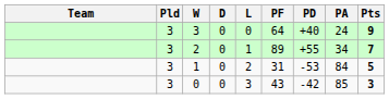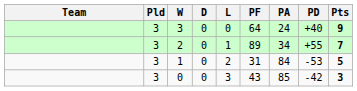 <table class="wikitable" style="text-align:center;">
 <tr>
 <th width=175>Team</th>
 <th width=25 abbr="Played">Pld</th>
 <th width=25 abbr="Won">W</th>
 <th width=25 abbr="Drawn">D</th>
 <th width=25 abbr="Lost">L</th>
 <th width=32 abbr="Points for">PF</th>
+<th width=32 abbr="Points against">PA</th>
 <th width=32 abbr="Points difference">PD</th>
-<th width=32 abbr="Points against">PA</th>
 <th width=25 abbr="Points">Pts</th>
 </tr>
 <tr bgcolor=ccffcc>
 <td align=left></td>
 <td>3</td>
 <td>3</td>
 <td>0</td>
 <td>0</td>
 <td>64</td>
+<td>24</td>
 <td>+40</td>
-<td>24</td>
 <td><strong>9</strong></td>
 </tr>
 <tr bgcolor=ccffcc>
 <td align=left></td>
 <td>3</td>
 <td>2</td>
 <td>0</td>
 <td>1</td>
 <td>89</td>
+<td>34</td>
 <td>+55</td>
-<td>34</td>
 <td><strong>7</strong></td>
 </tr>
 <tr>
 <td align=left></td>
 <td>3</td>
 <td>1</td>
 <td>0</td>
 <td>2</td>
 <td>31</td>
+<td>84</td>
 <td>-53</td>
-<td>84</td>
 <td><strong>5</strong></td>
 </tr>
 <tr>
 <td align=left></td>
 <td>3</td>
 <td>0</td>
 <td>0</td>
 <td>3</td>
 <td>43</td>
+<td>85</td>
 <td>-42</td>
-<td>85</td>
 <td><strong>3</strong></td>
 </tr>
 </table>
